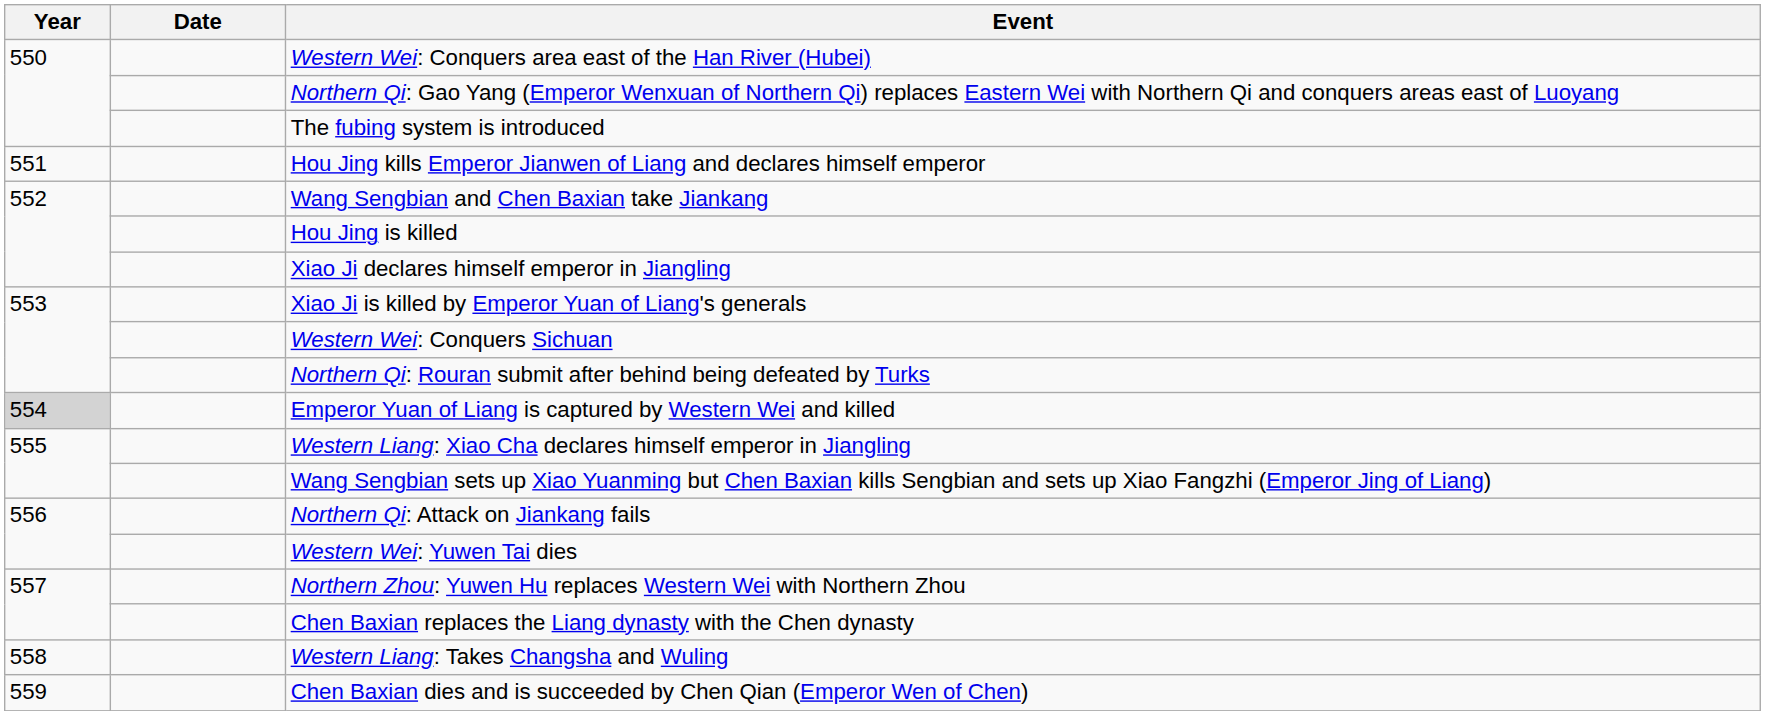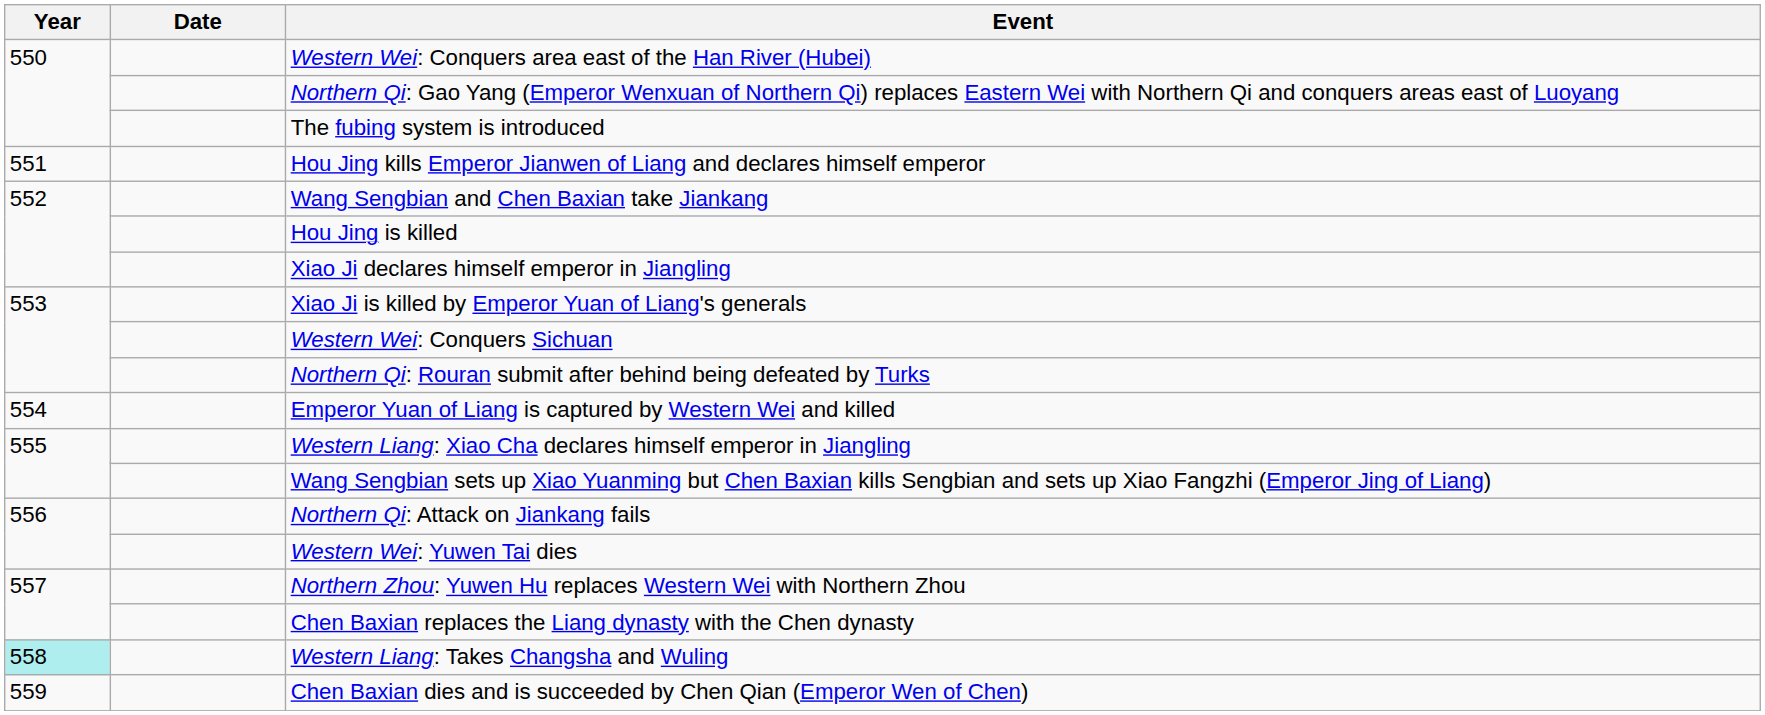 <table class="wikitable" style="width:100%;">
 <tr>
 <th style="width:6%">Year</th>
 <th style="width:10%">Date</th>
 <th>Event</th>
 </tr>
 <tr>
 <td rowspan="3" style="vertical-align:top;">550</td>
 <td></td>
 <td><em><a href='#'>Western Wei</a></em>: Conquers area east of the <a href='#'>Han River (Hubei)</a></td>
 </tr>
 <tr>
 <td></td>
 <td><em><a href='#'>Northern Qi</a></em>: Gao Yang (<a href='#'>Emperor Wenxuan of Northern Qi</a>) replaces <a href='#'>Eastern Wei</a> with Northern Qi and conquers areas east of <a href='#'>Luoyang</a></td>
 </tr>
 <tr>
 <td></td>
 <td>The <a href='#'>fubing</a> system is introduced</td>
 </tr>
 <tr>
 <td>551</td>
 <td></td>
 <td><a href='#'>Hou Jing</a> kills <a href='#'>Emperor Jianwen of Liang</a> and declares himself emperor</td>
 </tr>
 <tr>
 <td rowspan="3" style="vertical-align:top;">552</td>
 <td></td>
 <td><a href='#'>Wang Sengbian</a> and <a href='#'>Chen Baxian</a> take <a href='#'>Jiankang</a></td>
 </tr>
 <tr>
 <td></td>
 <td><a href='#'>Hou Jing</a> is killed</td>
 </tr>
 <tr>
 <td></td>
 <td><a href='#'>Xiao Ji</a> declares himself emperor in <a href='#'>Jiangling</a></td>
 </tr>
 <tr>
 <td rowspan="3" style="vertical-align:top;">553</td>
 <td></td>
 <td><a href='#'>Xiao Ji</a> is killed by <a href='#'>Emperor Yuan of Liang</a>'s generals</td>
 </tr>
 <tr>
 <td></td>
 <td><em><a href='#'>Western Wei</a></em>: Conquers <a href='#'>Sichuan</a></td>
 </tr>
 <tr>
 <td></td>
 <td><em><a href='#'>Northern Qi</a></em>: <a href='#'>Rouran</a> submit after behind being defeated by <a href='#'>Turks</a></td>
 </tr>
 <tr>
-<td style="background: lightgrey;">554</td>
+<td>554</td>
 <td></td>
 <td><a href='#'>Emperor Yuan of Liang</a> is captured by <a href='#'>Western Wei</a> and killed</td>
 </tr>
 <tr>
 <td rowspan="2" style="vertical-align:top;">555</td>
 <td></td>
 <td><em><a href='#'>Western Liang</a></em>: <a href='#'>Xiao Cha</a> declares himself emperor in <a href='#'>Jiangling</a></td>
 </tr>
 <tr>
 <td></td>
 <td><a href='#'>Wang Sengbian</a> sets up <a href='#'>Xiao Yuanming</a> but <a href='#'>Chen Baxian</a> kills Sengbian and sets up Xiao Fangzhi (<a href='#'>Emperor Jing of Liang</a>)</td>
 </tr>
 <tr>
 <td rowspan="2" style="vertical-align:top;">556</td>
 <td></td>
 <td><em><a href='#'>Northern Qi</a></em>: Attack on <a href='#'>Jiankang</a> fails</td>
 </tr>
 <tr>
 <td></td>
 <td><em><a href='#'>Western Wei</a></em>: <a href='#'>Yuwen Tai</a> dies</td>
 </tr>
 <tr>
 <td rowspan="2" style="vertical-align:top;">557</td>
 <td></td>
 <td><em><a href='#'>Northern Zhou</a></em>: <a href='#'>Yuwen Hu</a> replaces <a href='#'>Western Wei</a> with Northern Zhou</td>
 </tr>
 <tr>
 <td></td>
 <td><a href='#'>Chen Baxian</a> replaces the <a href='#'>Liang dynasty</a> with the Chen dynasty</td>
 </tr>
 <tr>
-<td>558</td>
+<td style="background: paleturquoise;">558</td>
 <td></td>
 <td><em><a href='#'>Western Liang</a></em>: Takes <a href='#'>Changsha</a> and <a href='#'>Wuling</a></td>
 </tr>
 <tr>
 <td>559</td>
 <td></td>
 <td><a href='#'>Chen Baxian</a> dies and is succeeded by Chen Qian (<a href='#'>Emperor Wen of Chen</a>)</td>
 </tr>
 </table>
